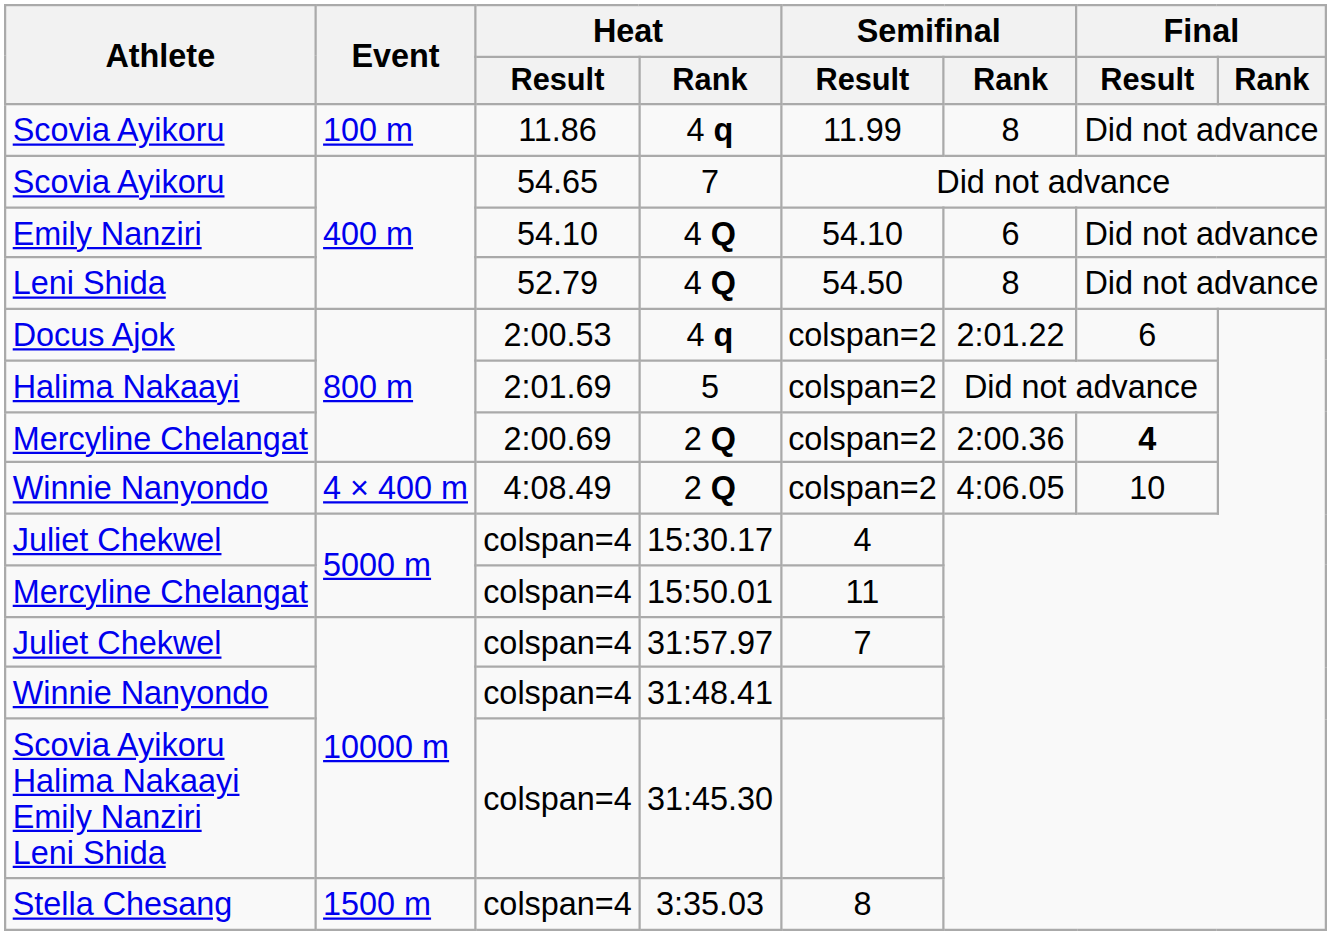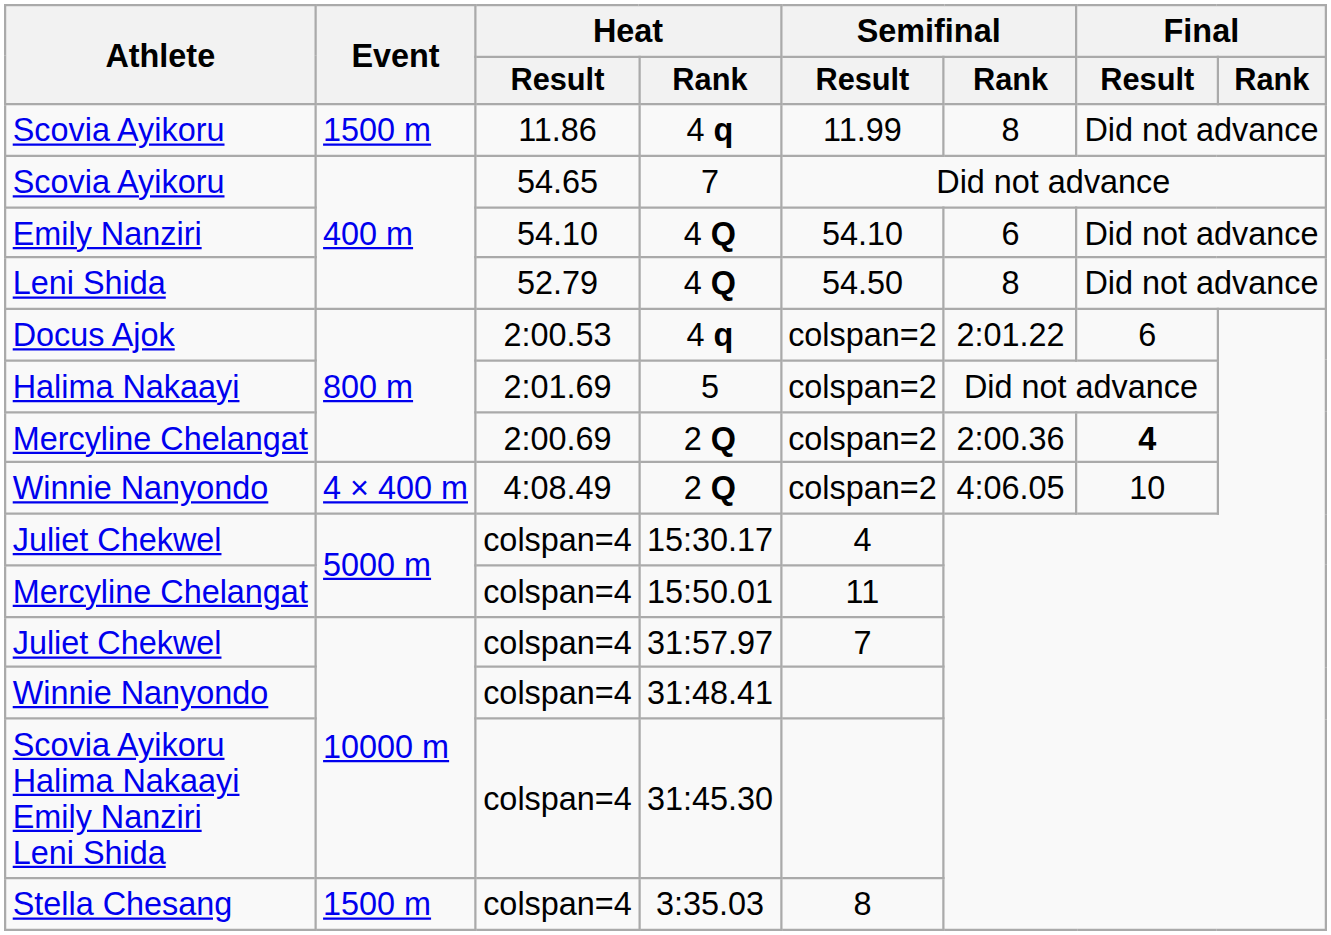 <table class="wikitable" style="font-size:90%">
 <tr>
 <th rowspan=2>Athlete</th>
 <th rowspan=2>Event</th>
 <th colspan=2>Heat</th>
 <th colspan=2>Semifinal</th>
 <th colspan=2>Final</th>
 </tr>
 <tr style="font-size:95%">
 <th>Result</th>
 <th>Rank</th>
 <th>Result</th>
 <th>Rank</th>
 <th>Result</th>
 <th>Rank</th>
 </tr>
 <tr align=center>
 <td align=left><a href='#'>Scovia Ayikoru</a></td>
-<td align=left><a href='#'>100 m</a></td>
+<td align=left><a href='#'>1500 m</a></td>
 <td>11.86</td>
 <td>4 <strong>q</strong></td>
 <td>11.99</td>
 <td>8</td>
 <td colspan=2>Did not advance</td>
 </tr>
 <tr align=center>
 <td align=left><a href='#'>Scovia Ayikoru</a></td>
 <td align=left rowspan=3><a href='#'>400 m</a></td>
 <td>54.65</td>
 <td>7</td>
 <td colspan=4>Did not advance</td>
 </tr>
 <tr align=center>
 <td align=left><a href='#'>Emily Nanziri</a></td>
 <td>54.10</td>
 <td>4 <strong>Q</strong></td>
 <td>54.10</td>
 <td>6</td>
 <td colspan=2>Did not advance</td>
 </tr>
 <tr align=center>
 <td align=left><a href='#'>Leni Shida</a></td>
 <td>52.79</td>
 <td>4 <strong>Q</strong></td>
 <td>54.50</td>
 <td>8</td>
 <td colspan=2>Did not advance</td>
 </tr>
 <tr align=center>
 <td align=left><a href='#'>Docus Ajok</a></td>
 <td align=left rowspan=3><a href='#'>800 m</a></td>
 <td>2:00.53</td>
 <td>4 <strong>q</strong></td>
 <td>colspan=2</td>
 <td>2:01.22</td>
 <td>6</td>
 </tr>
 <tr align=center>
 <td align=left><a href='#'>Halima Nakaayi</a></td>
 <td>2:01.69</td>
 <td>5</td>
 <td>colspan=2</td>
 <td colspan=2>Did not advance</td>
 </tr>
 <tr align=center>
 <td align=left><a href='#'>Mercyline Chelangat</a></td>
 <td>2:00.69</td>
 <td>2 <strong>Q</strong></td>
 <td>colspan=2</td>
 <td>2:00.36</td>
 <td><strong>4</strong></td>
 </tr>
 <tr align=center>
 <td align=left><a href='#'>Winnie Nanyondo</a></td>
 <td align=left><a href='#'>4 × 400 m</a></td>
 <td>4:08.49</td>
 <td>2 <strong>Q</strong></td>
 <td>colspan=2</td>
 <td>4:06.05</td>
 <td>10</td>
 </tr>
 <tr align=center>
 <td align=left><a href='#'>Juliet Chekwel</a></td>
 <td align=left rowspan=2><a href='#'>5000 m</a></td>
 <td>colspan=4</td>
 <td>15:30.17</td>
 <td>4</td>
 </tr>
 <tr align=center>
 <td align=left><a href='#'>Mercyline Chelangat</a></td>
 <td>colspan=4</td>
 <td>15:50.01</td>
 <td>11</td>
 </tr>
 <tr align=center>
 <td align=left><a href='#'>Juliet Chekwel</a></td>
 <td align=left rowspan=3><a href='#'>10000 m</a></td>
 <td>colspan=4</td>
 <td>31:57.97</td>
 <td>7</td>
 </tr>
 <tr align=center>
 <td align=left><a href='#'>Winnie Nanyondo</a></td>
 <td>colspan=4</td>
 <td>31:48.41</td>
 <td></td>
 </tr>
 <tr align=center>
 <td align=left><a href='#'>Scovia Ayikoru</a><br><a href='#'>Halima Nakaayi</a><br><a href='#'>Emily Nanziri</a><br><a href='#'>Leni Shida</a></td>
 <td>colspan=4</td>
 <td>31:45.30</td>
 <td></td>
 </tr>
 <tr align=center>
 <td align=left><a href='#'>Stella Chesang</a></td>
 <td align=left><a href='#'>1500 m</a></td>
 <td>colspan=4</td>
 <td>3:35.03</td>
 <td>8</td>
 </tr>
 </table>
